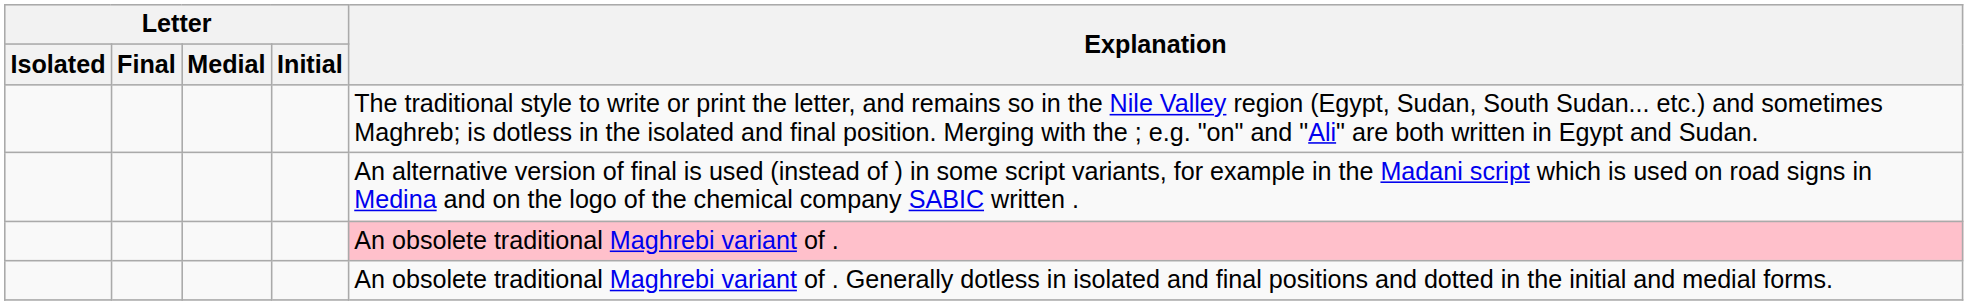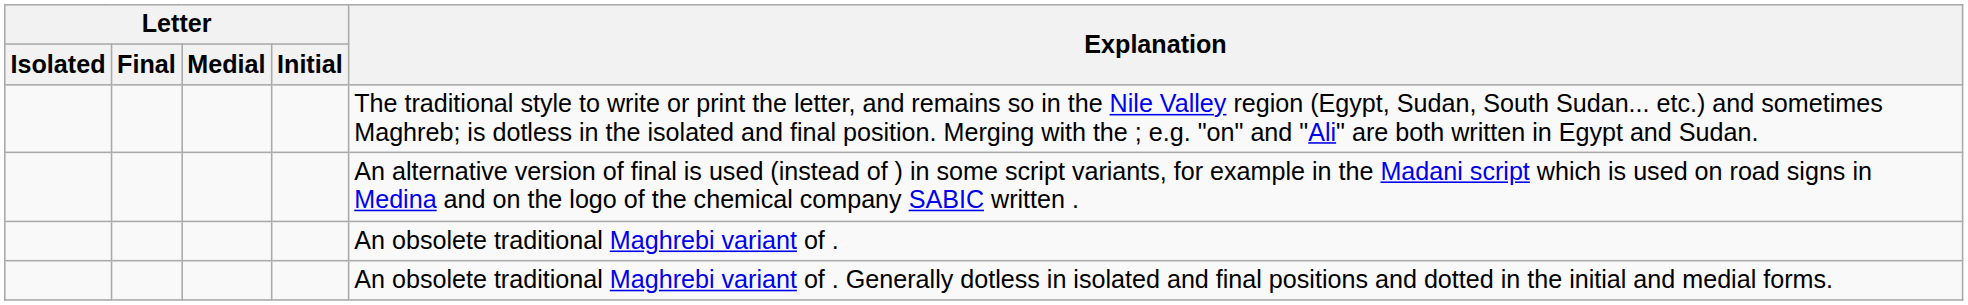 <table class="wikitable">
 <tr>
 <th colspan="4">Letter</th>
 <th rowspan="2">Explanation</th>
 </tr>
 <tr>
 <th>Isolated</th>
 <th>Final</th>
 <th>Medial</th>
 <th>Initial</th>
 </tr>
 <tr style="text-align:center;">
 <td></td>
 <td></td>
 <td></td>
 <td></td>
 <td style="text-align:left;">The traditional style to write or print the letter, and remains so in the <a href='#'>Nile Valley</a> region (Egypt, Sudan, South Sudan... etc.) and sometimes Maghreb;   is dotless in the isolated and final position. Merging with the  ; e.g.   "on" and   "<a href='#'>Ali</a>" are both written  in Egypt and Sudan.</td>
 </tr>
 <tr style="text-align:center;">
 <td></td>
 <td></td>
 <td></td>
 <td></td>
 <td style="text-align:left;">An alternative version of final    is used (instead of ) in some script variants, for example in the <a href='#'>Madani script</a> which is used on road signs in <a href='#'>Medina</a> and on the logo of the chemical company <a href='#'>SABIC</a> written .</td>
 </tr>
 <tr style="text-align:center;">
 <td></td>
 <td></td>
 <td></td>
 <td></td>
-<td style="background: pink; text-align:left;">An obsolete traditional <a href='#'>Maghrebi variant</a> of  .</td>
+<td style="text-align:left;">An obsolete traditional <a href='#'>Maghrebi variant</a> of  .</td>
 </tr>
 <tr style="text-align:center;">
 <td></td>
 <td></td>
 <td></td>
 <td></td>
 <td style="text-align:left;">An obsolete traditional <a href='#'>Maghrebi variant</a> of  . Generally dotless in isolated and final positions and dotted in the initial and medial forms.</td>
 </tr>
 </table>
